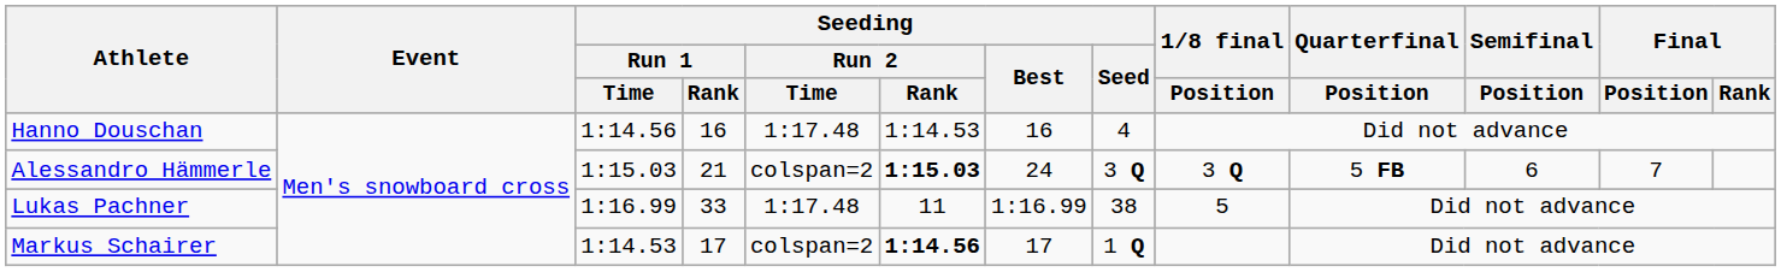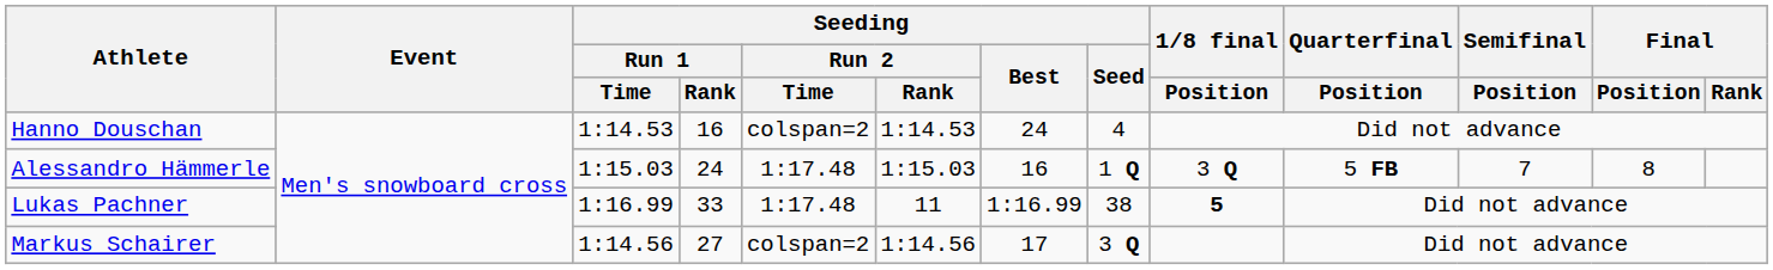 <table class=wikitable style=font-size:90%>
 <tr>
 <th rowspan=3>Athlete</th>
 <th rowspan=3>Event</th>
 <th colspan=6>Seeding</th>
 <th rowspan=2>1/8 final</th>
 <th rowspan=2>Quarterfinal</th>
 <th rowspan=2>Semifinal</th>
 <th rowspan=2 colspan=2>Final</th>
 </tr>
 <tr style=font-size:95%>
 <th colspan=2>Run 1</th>
 <th colspan=2>Run 2</th>
 <th rowspan=2>Best</th>
 <th rowspan=2>Seed</th>
 </tr>
 <tr style=font-size:95%>
 <th>Time</th>
 <th>Rank</th>
 <th>Time</th>
 <th>Rank</th>
 <th>Position</th>
 <th>Position</th>
 <th>Position</th>
 <th>Position</th>
 <th>Rank</th>
 </tr>
 <tr align=center>
 <td align=left><a href='#'>Hanno Douschan</a></td>
 <td align=left rowspan=4><a href='#'>Men's snowboard cross</a></td>
-<td>1:14.56</td>
-<td>16</td>
-<td>1:17.48</td>
 <td>1:14.53</td>
 <td>16</td>
+<td>colspan=2 </td>
+<td>1:14.53</td>
+<td>24</td>
 <td>4</td>
 <td colspan=6>Did not advance</td>
 </tr>
 <tr align=center>
 <td align=left><a href='#'>Alessandro Hämmerle</a></td>
 <td>1:15.03</td>
-<td>21</td>
-<td>colspan=2 </td>
-<td><strong>1:15.03</strong></td>
 <td>24</td>
-<td>3 <strong>Q</strong></td>
+<td>1:17.48</td>
+<td>1:15.03</td>
+<td>16</td>
+<td>1 <strong>Q</strong></td>
 <td>3 <strong>Q</strong></td>
 <td>5 <strong>FB</strong></td>
-<td>6</td>
 <td>7</td>
+<td>8</td>
 </tr>
 <tr align=center>
 <td align=left><a href='#'>Lukas Pachner</a></td>
 <td>1:16.99</td>
 <td>33</td>
 <td>1:17.48</td>
 <td>11</td>
 <td>1:16.99</td>
 <td>38</td>
-<td>5</td>
+<td><strong>5</strong></td>
 <td colspan=6>Did not advance</td>
 </tr>
 <tr align=center>
 <td align=left><a href='#'>Markus Schairer</a></td>
-<td>1:14.53</td>
+<td>1:14.56</td>
+<td>27</td>
+<td>colspan=2 </td>
+<td>1:14.56</td>
 <td>17</td>
-<td>colspan=2 </td>
-<td><strong>1:14.56</strong></td>
-<td>17</td>
-<td>1 <strong>Q</strong></td>
+<td>3 <strong>Q</strong></td>
 <td colspan=1></td>
 <td colspan=6>Did not advance</td>
 </tr>
 </table>
